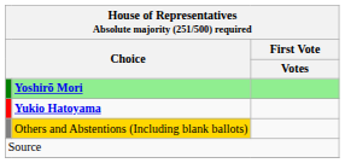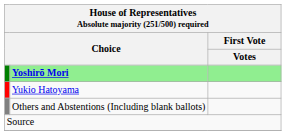 <table class="wikitable" style="font-size:90%;">
 <tr>
 <th colspan="4">House of Representatives <br><small>Absolute majority (251/500) required</small></th>
 </tr>
 <tr>
 <th align="left" rowspan="2" colspan="2" width="100">Choice</th>
 <th colspan="2">First Vote</th>
 </tr>
 <tr>
 <th width="100">Votes</th>
 </tr>
 <tr style="background:lightgreen;">
 <td width="1" bgcolor="green"></td>
 <td align="left"><strong><a href='#'>Yoshirō Mori</a></strong></td>
 <td></td>
 </tr>
 <tr>
 <td bgcolor="red"></td>
-<td align="left"><strong><a href='#'>Yukio Hatoyama</a></strong></td>
+<td align="left"><a href='#'>Yukio Hatoyama</a></td>
 <td></td>
 </tr>
 <tr>
 <td bgcolor="gray"></td>
-<td align="left" style="background: gold;">Others and Abstentions (Including blank ballots)</td>
+<td align="left">Others and Abstentions (Including blank ballots)</td>
 <td></td>
 </tr>
 <tr>
 <td colspan=3>Source  </td>
 </tr>
 <tr>
 </tr>
 </table>
